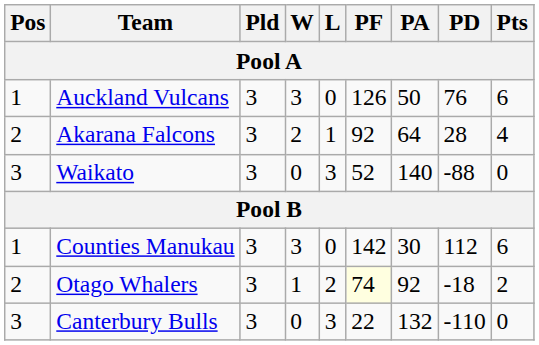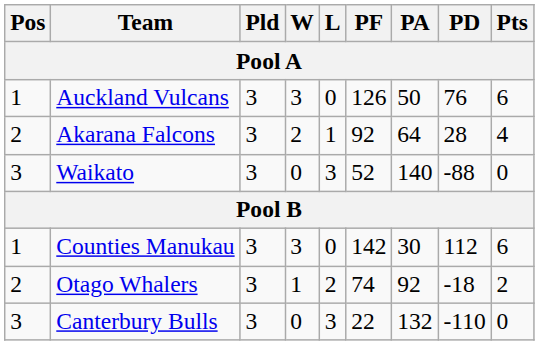 <table class="wikitable">
 <tr>
 <th>Pos</th>
 <th>Team</th>
 <th>Pld</th>
 <th>W</th>
 <th>L</th>
 <th>PF</th>
 <th>PA</th>
 <th>PD</th>
 <th>Pts</th>
 </tr>
 <tr>
 <th colspan="9">Pool A</th>
 </tr>
 <tr>
 <td>1</td>
 <td> <a href='#'>Auckland Vulcans</a></td>
 <td>3</td>
 <td>3</td>
 <td>0</td>
 <td>126</td>
 <td>50</td>
 <td>76</td>
 <td>6</td>
 </tr>
 <tr>
 <td>2</td>
 <td> <a href='#'>Akarana Falcons</a></td>
 <td>3</td>
 <td>2</td>
 <td>1</td>
 <td>92</td>
 <td>64</td>
 <td>28</td>
 <td>4</td>
 </tr>
 <tr>
 <td>3</td>
 <td> <a href='#'>Waikato</a></td>
 <td>3</td>
 <td>0</td>
 <td>3</td>
 <td>52</td>
 <td>140</td>
 <td>-88</td>
 <td>0</td>
 </tr>
 <tr>
 <th colspan="9">Pool B</th>
 </tr>
 <tr>
 <td>1</td>
 <td> <a href='#'>Counties Manukau</a></td>
 <td>3</td>
 <td>3</td>
 <td>0</td>
 <td>142</td>
 <td>30</td>
 <td>112</td>
 <td>6</td>
 </tr>
 <tr>
 <td>2</td>
 <td> <a href='#'>Otago Whalers</a></td>
 <td>3</td>
 <td>1</td>
 <td>2</td>
-<td style="background: lightyellow;">74</td>
+<td>74</td>
 <td>92</td>
 <td>-18</td>
 <td>2</td>
 </tr>
 <tr>
 <td>3</td>
 <td> <a href='#'>Canterbury Bulls</a></td>
 <td>3</td>
 <td>0</td>
 <td>3</td>
 <td>22</td>
 <td>132</td>
 <td>-110</td>
 <td>0</td>
 </tr>
 </table>
